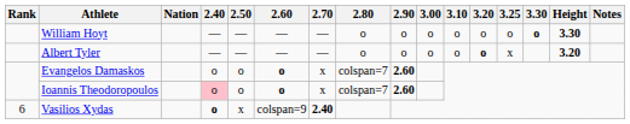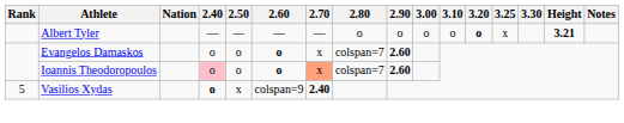 <table class="wikitable sortable" style="text-align:center">
 <tr>
 <th>Rank</th>
 <th>Athlete</th>
 <th>Nation</th>
 <th>2.40</th>
 <th>2.50</th>
 <th>2.60</th>
 <th>2.70</th>
 <th>2.80</th>
 <th>2.90</th>
 <th>3.00</th>
 <th>3.10</th>
 <th>3.20</th>
 <th>3.25</th>
 <th>3.30</th>
 <th>Height</th>
 <th>Notes</th>
 </tr>
 <tr>
 <td></td>
-<td align=left><a href='#'>William Hoyt</a></td>
-<td align=left></td>
-<td>—</td>
-<td>—</td>
-<td>—</td>
-<td>—</td>
-<td>o</td>
-<td>o</td>
-<td>o</td>
-<td>o</td>
-<td>o</td>
-<td>o</td>
-<td><strong>o</strong></td>
-<td><strong>3.30</strong></td>
-<td></td>
-</tr>
-<tr>
-<td></td>
 <td align=left><a href='#'>Albert Tyler</a></td>
 <td align=left></td>
 <td>—</td>
 <td>—</td>
 <td>—</td>
 <td>—</td>
 <td>o</td>
 <td>o</td>
 <td>o</td>
 <td>o</td>
 <td><strong>o</strong></td>
 <td>x</td>
 <td></td>
-<td><strong>3.20</strong></td>
+<td><strong>3.21</strong></td>
 <td></td>
 </tr>
 <tr>
 <td rowspan=2></td>
 <td align=left><a href='#'>Evangelos Damaskos</a></td>
 <td align=left></td>
 <td>o</td>
 <td>o</td>
 <td><strong>o</strong></td>
 <td>x</td>
 <td>colspan=7 </td>
 <td><strong>2.60</strong></td>
 <td></td>
 </tr>
 <tr>
 <td align=left><a href='#'>Ioannis Theodoropoulos</a></td>
 <td align=left></td>
 <td style="background: pink;">o</td>
 <td>o</td>
 <td><strong>o</strong></td>
-<td>x</td>
+<td style="background: lightsalmon;">x</td>
 <td>colspan=7 </td>
 <td><strong>2.60</strong></td>
 <td></td>
 </tr>
 <tr>
-<td>6</td>
+<td>5</td>
 <td align=left><a href='#'>Vasilios Xydas</a></td>
 <td align=left></td>
 <td><strong>o</strong></td>
 <td>x</td>
 <td>colspan=9 </td>
 <td><strong>2.40</strong></td>
 <td></td>
 </tr>
 </table>
